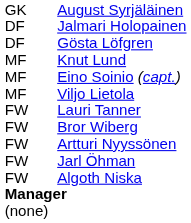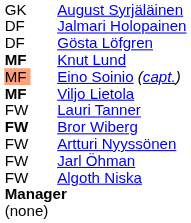 <table cellspacing="0" cellpadding="0" style="font-size:90%; margin:0.2em auto;">
 <tr>
 <th width="25"></th>
 <th width="25"></th>
 </tr>
 <tr>
 <td>GK</td>
 <td></td>
 <td><a href='#'>August Syrjäläinen</a></td>
 </tr>
 <tr>
 <td>DF</td>
 <td></td>
 <td><a href='#'>Jalmari Holopainen</a></td>
 </tr>
 <tr>
 <td>DF</td>
 <td></td>
 <td><a href='#'>Gösta Löfgren</a></td>
 </tr>
 <tr>
-<td>MF</td>
+<td><strong>MF</strong></td>
 <td></td>
 <td><a href='#'>Knut Lund</a></td>
 </tr>
 <tr>
-<td>MF</td>
+<td style="background: lightsalmon;">MF</td>
 <td></td>
 <td><a href='#'>Eino Soinio</a> <em>(<a href='#'>capt.</a>)</em></td>
 </tr>
 <tr>
-<td>MF</td>
+<td><strong>MF</strong></td>
 <td></td>
 <td><a href='#'>Viljo Lietola</a></td>
 </tr>
 <tr>
 <td>FW</td>
 <td></td>
 <td><a href='#'>Lauri Tanner</a></td>
 </tr>
 <tr>
-<td>FW</td>
+<td><strong>FW</strong></td>
 <td></td>
 <td><a href='#'>Bror Wiberg</a></td>
 </tr>
 <tr>
 <td>FW</td>
 <td></td>
 <td><a href='#'>Artturi Nyyssönen</a></td>
 </tr>
 <tr>
 <td>FW</td>
 <td></td>
 <td><a href='#'>Jarl Öhman</a></td>
 </tr>
 <tr>
 <td>FW</td>
 <td></td>
 <td><a href='#'>Algoth Niska</a></td>
 </tr>
 <tr>
 <td colspan=3><strong>Manager</strong></td>
 </tr>
 <tr>
 <td colspan=4>(none)</td>
 </tr>
 </table>
